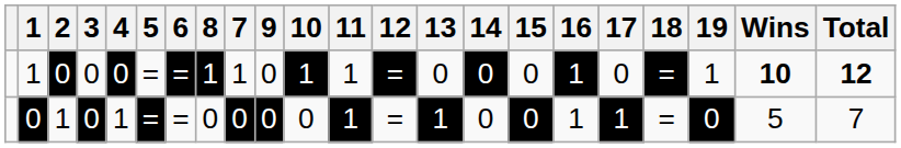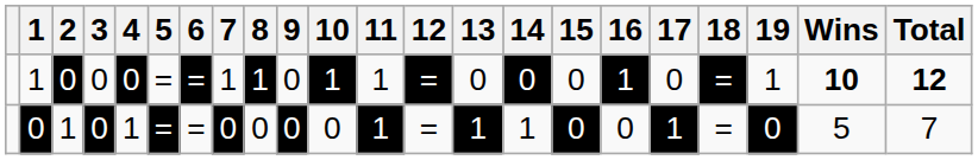 <table class="wikitable" style="text-align:center">
 <tr>
 <th></th>
 <th>1</th>
 <th>2</th>
 <th>3</th>
 <th>4</th>
 <th>5</th>
 <th>6</th>
+<th>7</th>
 <th>8</th>
-<th>7</th>
 <th>9</th>
 <th>10</th>
 <th>11</th>
 <th>12</th>
 <th>13</th>
 <th>14</th>
 <th>15</th>
 <th>16</th>
 <th>17</th>
 <th>18</th>
 <th>19</th>
 <th>Wins</th>
 <th>Total</th>
 </tr>
 <tr>
 <td align=left></td>
 <td>1</td>
 <td style="background:black; color:white">0</td>
 <td>0</td>
 <td style="background:black; color:white">0</td>
 <td>=</td>
 <td style="background:black; color:white">=</td>
+<td>1</td>
 <td style="background:black; color:white">1</td>
-<td>1</td>
 <td>0</td>
 <td style="background:black; color:white">1</td>
 <td>1</td>
 <td style="background:black; color:white">=</td>
 <td>0</td>
 <td style="background:black; color:white">0</td>
 <td>0</td>
 <td style="background:black; color:white">1</td>
 <td>0</td>
 <td style="background:black; color:white">=</td>
 <td>1</td>
 <td><strong>10</strong></td>
 <td><strong>12</strong></td>
 </tr>
 <tr>
 <td align=left></td>
 <td style="background:black; color:white">0</td>
 <td>1</td>
 <td style="background:black; color:white">0</td>
 <td>1</td>
 <td style="background:black; color:white">=</td>
 <td>=</td>
+<td style="background:black; color:white">0</td>
 <td>0</td>
-<td style="background:black; color:white">0</td>
 <td style="background:black; color:white">0</td>
 <td>0</td>
 <td style="background:black; color:white">1</td>
 <td>=</td>
 <td style="background:black; color:white">1</td>
+<td>1</td>
+<td style="background:black; color:white">0</td>
 <td>0</td>
-<td style="background:black; color:white">0</td>
-<td>1</td>
 <td style="background:black; color:white">1</td>
 <td>=</td>
 <td style="background:black; color:white">0</td>
 <td>5</td>
 <td>7</td>
 </tr>
 </table>
